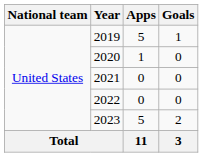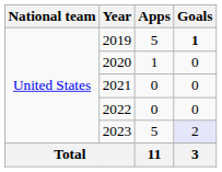 <table class="wikitable" style="text-align:center">
 <tr>
 <th>National team</th>
 <th>Year</th>
 <th>Apps</th>
 <th>Goals</th>
 </tr>
 <tr>
 <td rowspan="5"><a href='#'>United States</a></td>
 <td>2019</td>
 <td>5</td>
-<td>1</td>
+<td><strong>1</strong></td>
 </tr>
 <tr>
 <td>2020</td>
 <td>1</td>
 <td>0</td>
 </tr>
 <tr>
 <td>2021</td>
 <td>0</td>
 <td>0</td>
 </tr>
 <tr>
 <td>2022</td>
 <td>0</td>
 <td>0</td>
 </tr>
 <tr>
 <td>2023</td>
 <td>5</td>
-<td>2</td>
+<td style="background: lavender;">2</td>
 </tr>
 <tr>
 <th colspan="2">Total</th>
 <th>11</th>
 <th>3</th>
 </tr>
 </table>
